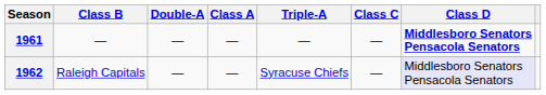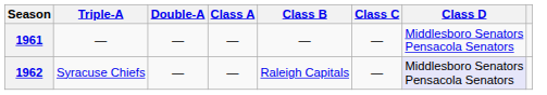 <table class="wikitable plainrowheaders">
 <tr>
 <th scope="col">Season</th>
-<th scope="col"><a href='#'><span>Class B</span></a></th>
+<th scope="col"><a href='#'><span>Triple-A</span></a></th>
 <th scope="col"><a href='#'><span>Double-A</span></a></th>
 <th scope="col"><a href='#'><span>Class A</span></a></th>
-<th scope="col"><a href='#'><span>Triple-A</span></a></th>
+<th scope="col"><a href='#'><span>Class B</span></a></th>
 <th scope="col"><a href='#'><span>Class C</span></a></th>
 <th scope="col"><a href='#'><span>Class D</span></a></th>
 <th scope="col"></th>
 </tr>
 <tr>
 <th scope="row" style="text-align:center"><a href='#'>1961</a></th>
 <td align="center">—</td>
 <td align="center">—</td>
 <td align="center">—</td>
 <td align="center">—</td>
 <td align="center">—</td>
-<td><strong><a href='#'>Middlesboro Senators</a><br><a href='#'>Pensacola Senators</a></strong></td>
+<td><a href='#'>Middlesboro Senators</a><br><a href='#'>Pensacola Senators</a></td>
 <td align="center"></td>
 </tr>
 <tr>
 <th scope="row" style="text-align:center"><a href='#'>1962</a></th>
-<td><a href='#'>Raleigh Capitals</a></td>
+<td><a href='#'>Syracuse Chiefs</a></td>
 <td align="center">—</td>
 <td align="center">—</td>
-<td><a href='#'>Syracuse Chiefs</a></td>
+<td><a href='#'>Raleigh Capitals</a></td>
 <td align="center">—</td>
 <td style="background: lavender;">Middlesboro Senators<br>Pensacola Senators</td>
 <td align="center"></td>
 </tr>
 </table>
